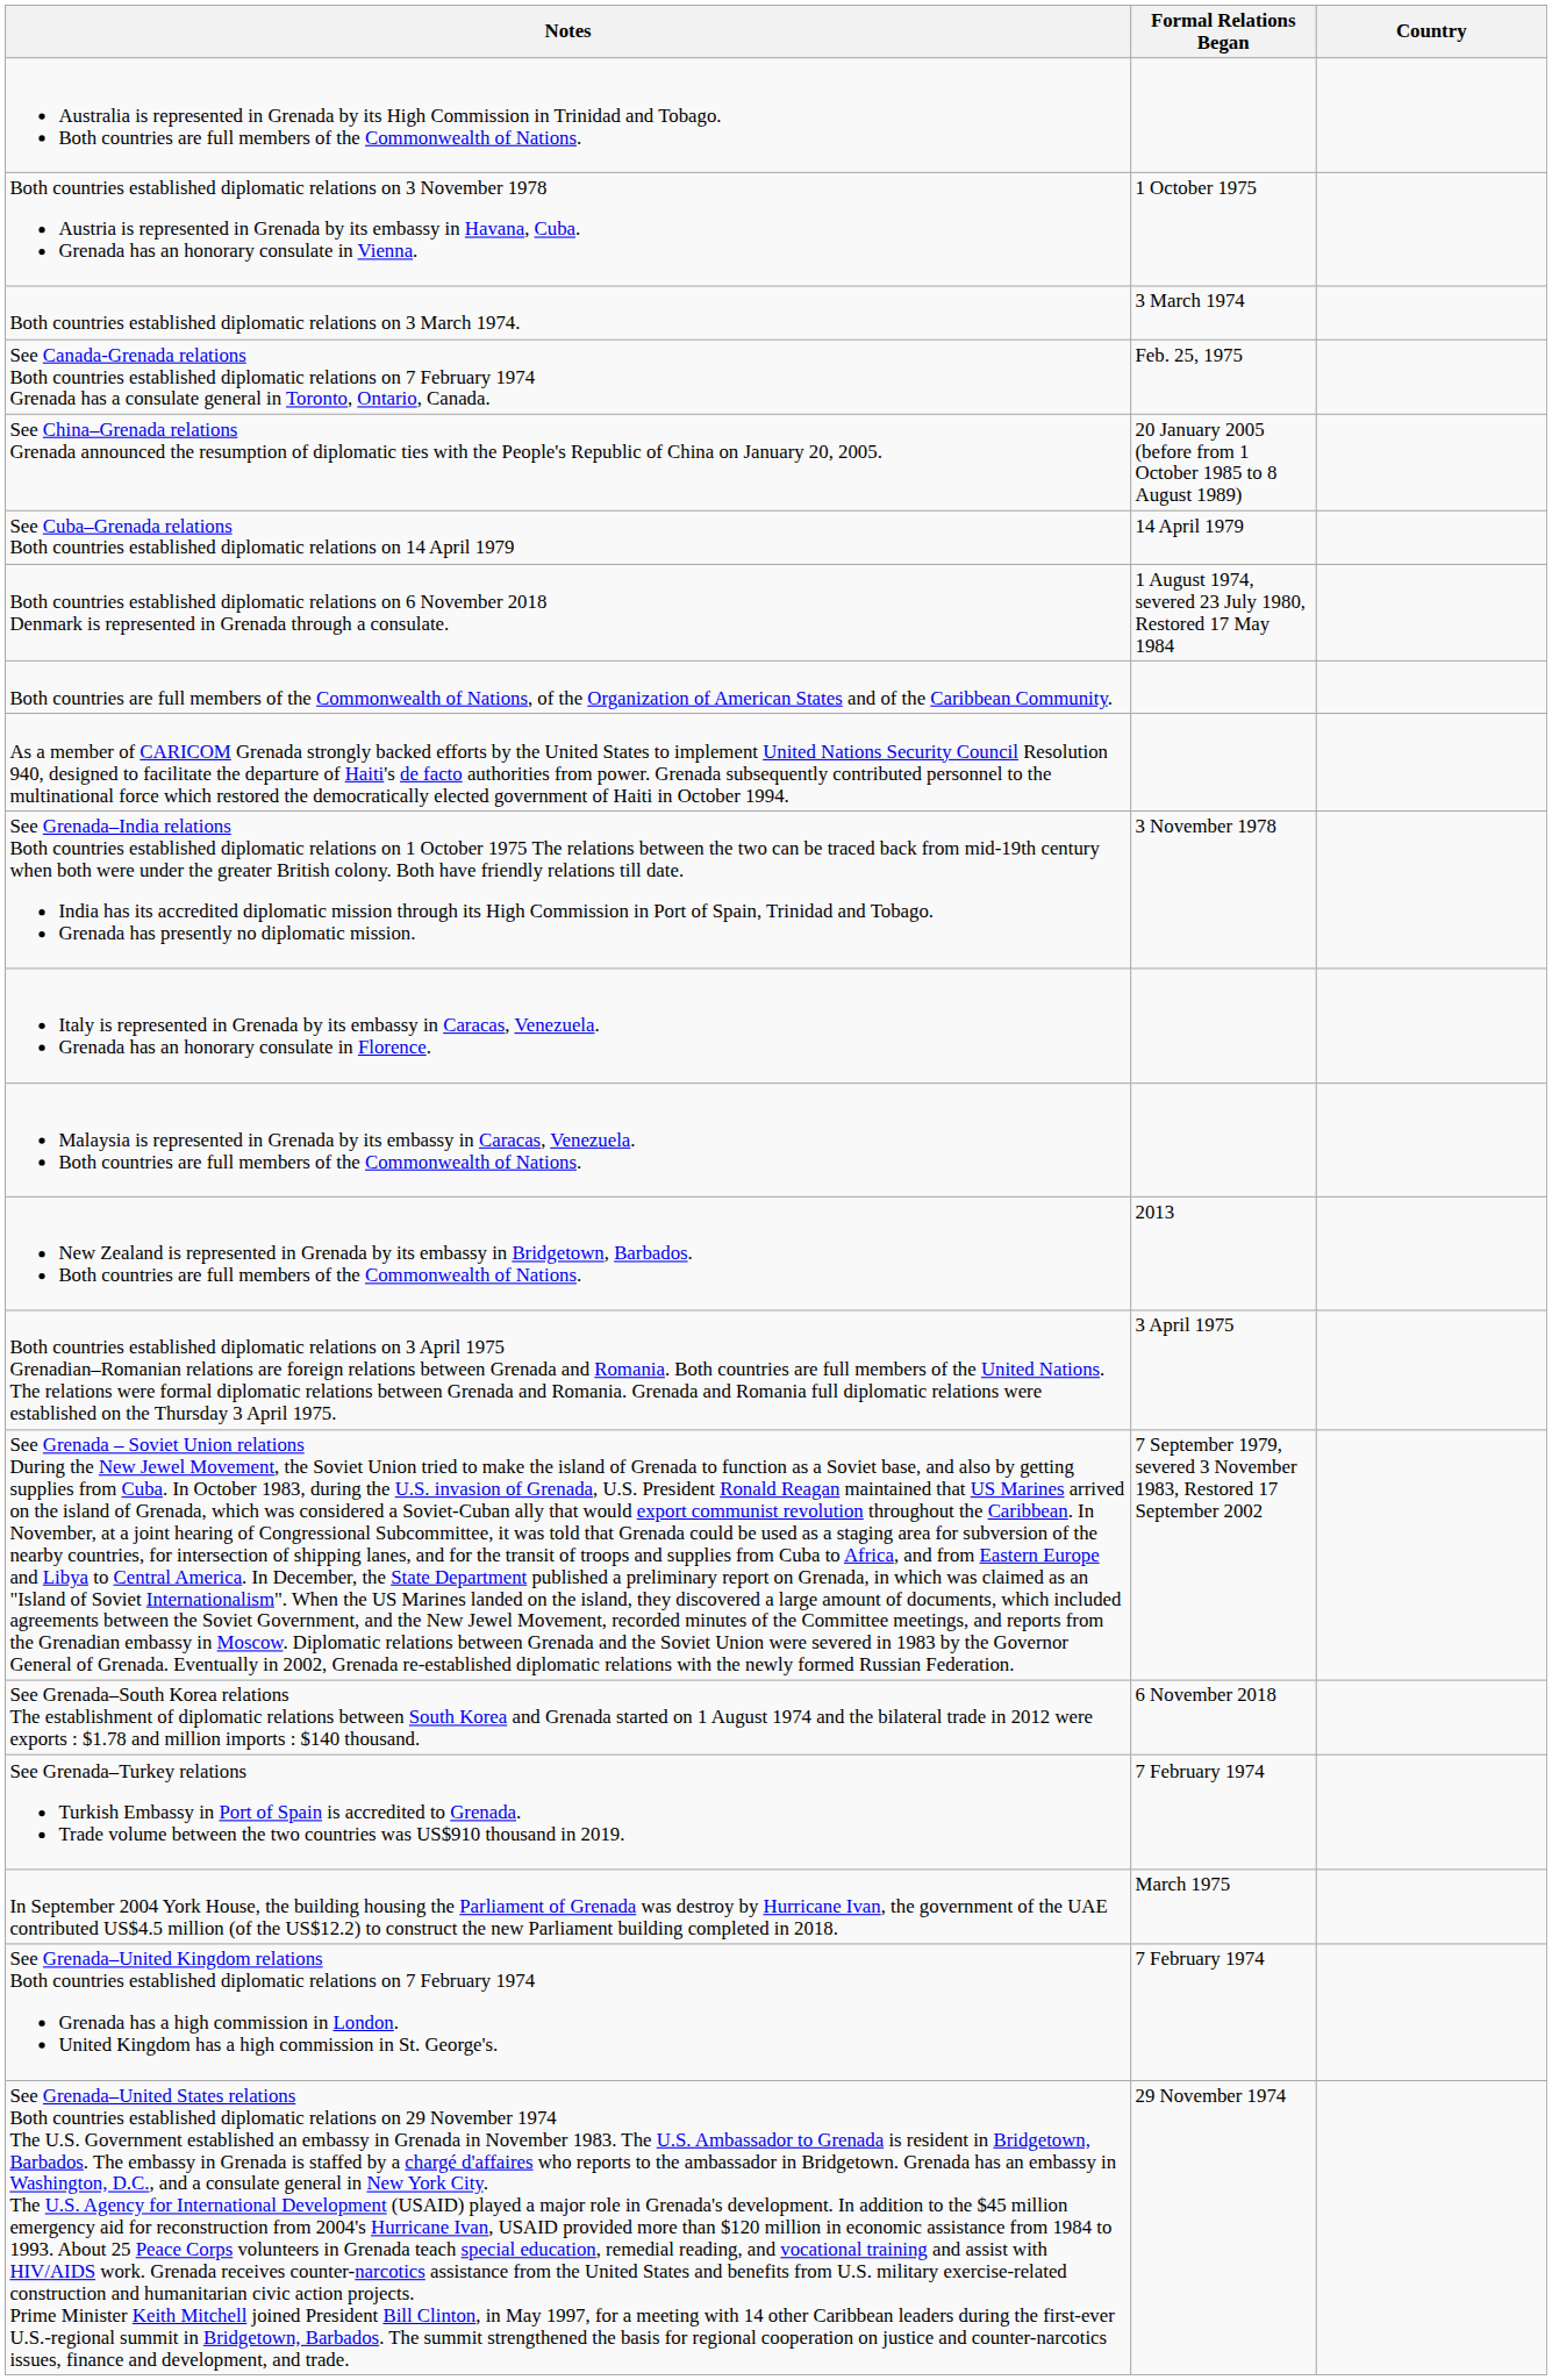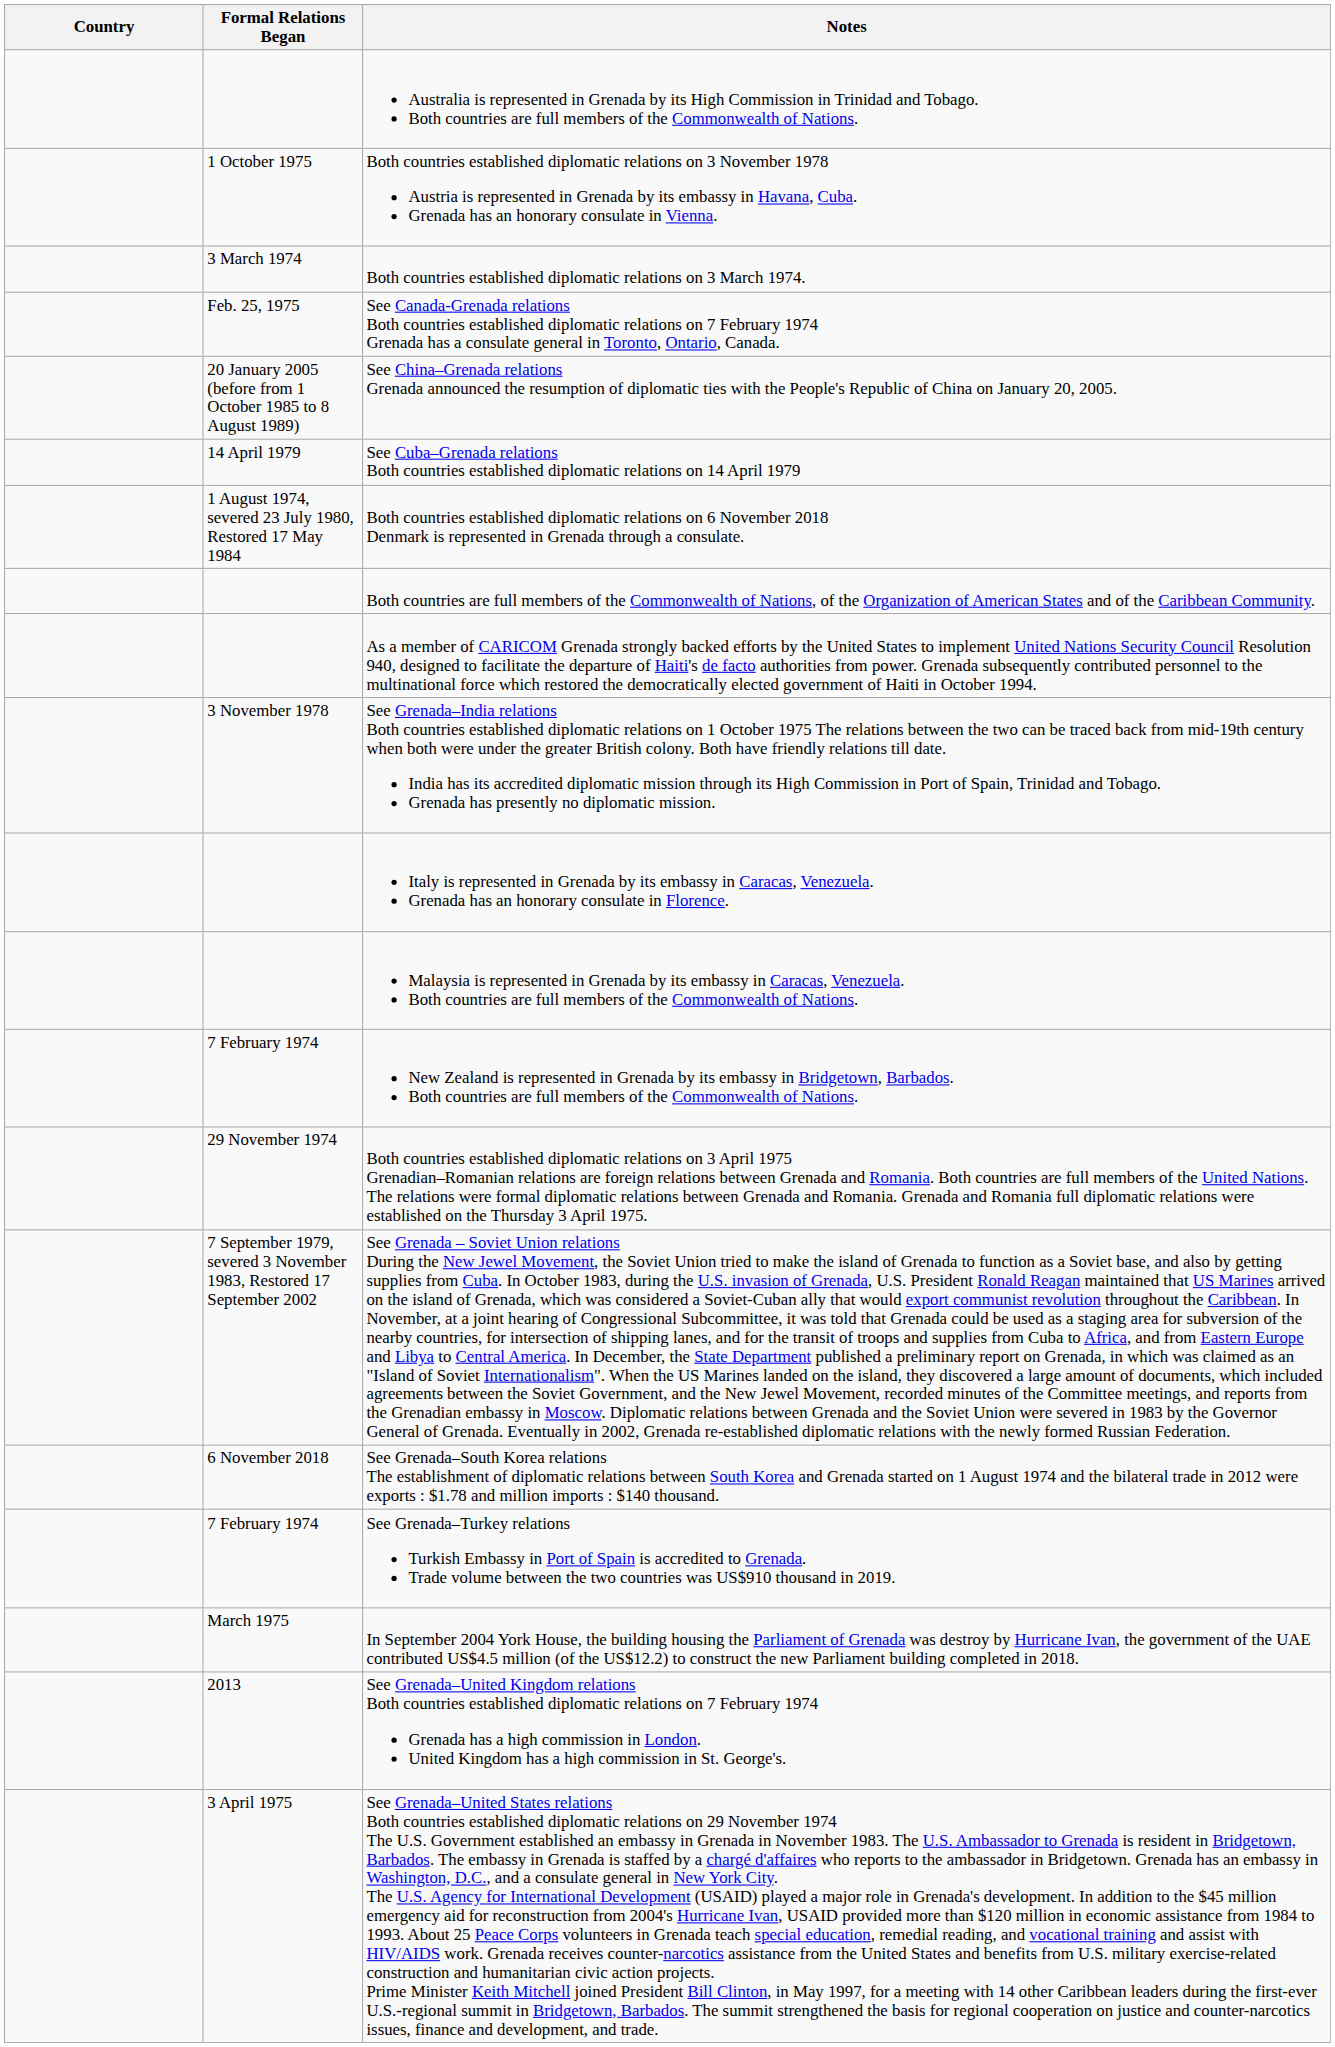 <table class="wikitable sortable" style="width:100%; margin:auto;">
 <tr>
+<th style="width:15%;">Country</th>
+<th style="width:12%;">Formal Relations Began</th>
 <th>Notes</th>
-<th style="width:12%;">Formal Relations Began</th>
-<th style="width:15%;">Country</th>
 </tr>
 <tr valign="top">
-<td><br><ul><li>Australia is represented in Grenada by its High Commission in Trinidad and Tobago.</li><li>Both countries are full members of the <a href='#'>Commonwealth of Nations</a>.</li></ul></td>
 <td></td>
 <td></td>
+<td><br><ul><li>Australia is represented in Grenada by its High Commission in Trinidad and Tobago.</li><li>Both countries are full members of the <a href='#'>Commonwealth of Nations</a>.</li></ul></td>
 </tr>
 <tr valign="top">
+<td></td>
+<td>1 October 1975</td>
 <td>Both countries established diplomatic relations on 3 November 1978<br><ul><li>Austria is represented in Grenada by its embassy in <a href='#'>Havana</a>, <a href='#'>Cuba</a>.</li><li>Grenada has an honorary consulate in <a href='#'>Vienna</a>.</li></ul></td>
-<td>1 October 1975</td>
-<td></td>
 </tr>
 <tr valign="top">
+<td></td>
+<td>3 March 1974</td>
 <td><br>Both countries established diplomatic relations on 3 March 1974.  </td>
-<td>3 March 1974</td>
-<td></td>
 </tr>
 <tr valign="top">
+<td></td>
+<td>Feb. 25, 1975</td>
 <td>See <a href='#'>Canada-Grenada relations</a><br>Both countries established diplomatic relations on 7 February 1974<br>Grenada has a consulate general in <a href='#'>Toronto</a>, <a href='#'>Ontario</a>, Canada.</td>
-<td>Feb. 25, 1975</td>
-<td></td>
 </tr>
 <tr valign="top">
+<td></td>
+<td>20 January 2005 (before from 1 October 1985 to 8 August 1989)</td>
 <td>See <a href='#'>China–Grenada relations</a><br>Grenada announced the resumption of diplomatic ties with the People's Republic of China on January 20, 2005.</td>
-<td>20 January 2005 (before from 1 October 1985 to 8 August 1989)</td>
-<td></td>
 </tr>
 <tr valign="top">
+<td></td>
+<td>14 April 1979</td>
 <td>See <a href='#'>Cuba–Grenada relations</a><br>Both countries established diplomatic relations on 14 April 1979</td>
-<td>14 April 1979</td>
-<td></td>
 </tr>
 <tr valign="top">
+<td></td>
+<td>1 August 1974, severed 23 July 1980, Restored 17 May 1984</td>
 <td><br>Both countries established diplomatic relations on 6 November 2018<br>Denmark is represented in Grenada through a consulate.</td>
-<td>1 August 1974, severed 23 July 1980, Restored 17 May 1984</td>
-<td></td>
 </tr>
 <tr valign="top">
-<td><br>Both countries are full members of the <a href='#'>Commonwealth of Nations</a>, of the <a href='#'>Organization of American States</a> and of the <a href='#'>Caribbean Community</a>.</td>
 <td></td>
 <td></td>
+<td><br>Both countries are full members of the <a href='#'>Commonwealth of Nations</a>, of the <a href='#'>Organization of American States</a> and of the <a href='#'>Caribbean Community</a>.</td>
 </tr>
 <tr valign="top">
-<td><br>As a member of <a href='#'>CARICOM</a> Grenada strongly backed efforts by the United States to implement <a href='#'>United Nations Security Council</a> Resolution 940, designed to facilitate the departure of <a href='#'>Haiti</a>'s <a href='#'>de facto</a> authorities from power. Grenada subsequently contributed personnel to the multinational force which restored the democratically elected government of Haiti in October 1994.</td>
 <td></td>
 <td></td>
+<td><br>As a member of <a href='#'>CARICOM</a> Grenada strongly backed efforts by the United States to implement <a href='#'>United Nations Security Council</a> Resolution 940, designed to facilitate the departure of <a href='#'>Haiti</a>'s <a href='#'>de facto</a> authorities from power. Grenada subsequently contributed personnel to the multinational force which restored the democratically elected government of Haiti in October 1994.</td>
 </tr>
 <tr valign="top">
+<td></td>
+<td>3 November 1978</td>
 <td>See <a href='#'>Grenada–India relations</a><br>Both countries established diplomatic relations on 1 October 1975 The relations between the two can be traced back from mid-19th century when both were under the greater British colony. Both have friendly relations till date.<ul><li>India has its accredited diplomatic mission through its High Commission in Port of Spain, Trinidad and Tobago.</li><li>Grenada has presently no diplomatic mission.</li></ul></td>
-<td>3 November 1978</td>
-<td></td>
 </tr>
 <tr valign="top">
-<td><br><ul><li>Italy is represented in Grenada by its embassy in <a href='#'>Caracas</a>, <a href='#'>Venezuela</a>.</li><li>Grenada has an honorary consulate in <a href='#'>Florence</a>.</li></ul></td>
 <td></td>
 <td></td>
+<td><br><ul><li>Italy is represented in Grenada by its embassy in <a href='#'>Caracas</a>, <a href='#'>Venezuela</a>.</li><li>Grenada has an honorary consulate in <a href='#'>Florence</a>.</li></ul></td>
 </tr>
 <tr valign="top">
-<td><br><ul><li>Malaysia is represented in Grenada by its embassy in <a href='#'>Caracas</a>, <a href='#'>Venezuela</a>.</li><li>Both countries are full members of the <a href='#'>Commonwealth of Nations</a>.</li></ul></td>
 <td></td>
 <td></td>
+<td><br><ul><li>Malaysia is represented in Grenada by its embassy in <a href='#'>Caracas</a>, <a href='#'>Venezuela</a>.</li><li>Both countries are full members of the <a href='#'>Commonwealth of Nations</a>.</li></ul></td>
 </tr>
 <tr valign="top">
+<td></td>
+<td>7 February 1974</td>
 <td><br><ul><li>New Zealand is represented in Grenada by its embassy in <a href='#'>Bridgetown</a>, <a href='#'>Barbados</a>.</li><li>Both countries are full members of the <a href='#'>Commonwealth of Nations</a>.</li></ul></td>
-<td>2013</td>
-<td></td>
 </tr>
 <tr valign="top">
+<td></td>
+<td>29 November 1974</td>
 <td><br>Both countries established diplomatic relations on 3 April 1975<br>Grenadian–Romanian relations are foreign relations between Grenada and <a href='#'>Romania</a>. Both countries are full members of the <a href='#'>United Nations</a>. The relations were formal diplomatic relations between Grenada and Romania. Grenada and Romania full diplomatic relations were established on the Thursday 3 April 1975.</td>
-<td>3 April 1975</td>
-<td></td>
 </tr>
 <tr valign="top">
+<td></td>
+<td>7 September 1979, severed 3 November 1983, Restored 17 September 2002</td>
 <td>See <a href='#'>Grenada – Soviet Union relations</a><br>During the <a href='#'>New Jewel Movement</a>, the Soviet Union tried to make the island of Grenada to function as a Soviet base, and also by getting supplies from <a href='#'>Cuba</a>. In October 1983, during the <a href='#'>U.S. invasion of Grenada</a>, U.S. President <a href='#'>Ronald Reagan</a> maintained that <a href='#'>US Marines</a> arrived on the island of Grenada, which was considered a Soviet-Cuban ally that would <a href='#'>export communist revolution</a> throughout the <a href='#'>Caribbean</a>. In November, at a joint hearing of Congressional Subcommittee, it was told that Grenada could be used as a staging area for subversion of the nearby countries, for intersection of shipping lanes, and for the transit of troops and supplies from Cuba to <a href='#'>Africa</a>, and from <a href='#'>Eastern Europe</a> and <a href='#'>Libya</a> to <a href='#'>Central America</a>. In December, the <a href='#'>State Department</a> published a preliminary report on Grenada, in which was claimed as an "Island of Soviet <a href='#'>Internationalism</a>". When the US Marines landed on the island, they discovered a large amount of documents, which included agreements between the Soviet Government, and the New Jewel Movement, recorded minutes of the Committee meetings, and reports from the Grenadian embassy in <a href='#'>Moscow</a>. Diplomatic relations between Grenada and the Soviet Union were severed in 1983 by the Governor General of Grenada. Eventually in 2002, Grenada re-established diplomatic relations with the newly formed Russian Federation.</td>
-<td>7 September 1979, severed 3 November 1983, Restored 17 September 2002</td>
-<td></td>
 </tr>
 <tr valign="top">
+<td></td>
+<td>6 November 2018</td>
 <td>See Grenada–South Korea relations<br>The establishment of diplomatic relations between <a href='#'>South Korea</a> and Grenada started on 1 August 1974 and the bilateral trade in 2012 were exports : $1.78 and million  imports : $140 thousand.</td>
-<td>6 November 2018</td>
-<td></td>
 </tr>
 <tr valign="top">
+<td></td>
+<td>7 February 1974</td>
 <td>See Grenada–Turkey relations<br><ul><li>Turkish Embassy in <a href='#'>Port of Spain</a> is accredited to <a href='#'>Grenada</a>.</li><li>Trade volume between the two countries was US$910 thousand in 2019.</li></ul></td>
-<td>7 February 1974</td>
-<td></td>
 </tr>
 <tr valign="top">
+<td></td>
+<td>March 1975</td>
 <td><br>In September 2004 York House, the building housing the <a href='#'>Parliament of Grenada</a> was destroy by <a href='#'>Hurricane Ivan</a>, the government of the UAE contributed US$4.5 million (of the US$12.2) to construct the new Parliament building completed in 2018.</td>
-<td>March 1975</td>
-<td></td>
 </tr>
 <tr valign="top">
+<td></td>
+<td>2013</td>
 <td>See <a href='#'>Grenada–United Kingdom relations</a><br>Both countries established diplomatic relations on 7 February 1974<ul><li>Grenada has a high commission in <a href='#'>London</a>.</li><li>United Kingdom has a high commission in St. George's.</li></ul></td>
-<td>7 February 1974</td>
-<td></td>
 </tr>
 <tr valign="top">
+<td></td>
+<td>3 April 1975</td>
 <td>See <a href='#'>Grenada–United States relations</a><br>Both countries established diplomatic relations on 29 November 1974<br>The U.S. Government established an embassy in Grenada in November 1983. The <a href='#'>U.S. Ambassador to Grenada</a> is resident in <a href='#'>Bridgetown, Barbados</a>. The embassy in Grenada is staffed by a <a href='#'>chargé d'affaires</a> who reports to the ambassador in Bridgetown. Grenada has an embassy in <a href='#'>Washington, D.C.</a>, and a consulate general in <a href='#'>New York City</a>.<br>The <a href='#'>U.S. Agency for International Development</a> (USAID) played a major role in Grenada's development. In addition to the $45 million emergency aid for reconstruction from 2004's <a href='#'>Hurricane Ivan</a>, USAID provided more than $120 million in economic assistance from 1984 to 1993. About 25 <a href='#'>Peace Corps</a> volunteers in Grenada teach <a href='#'>special education</a>, remedial reading, and <a href='#'>vocational training</a> and assist with <a href='#'>HIV/AIDS</a> work. Grenada receives counter-<a href='#'>narcotics</a> assistance from the United States and benefits from U.S. military exercise-related construction and humanitarian civic action projects.<br>Prime Minister <a href='#'>Keith Mitchell</a> joined President <a href='#'>Bill Clinton</a>, in May 1997, for a meeting with 14 other Caribbean leaders during the first-ever U.S.-regional summit in <a href='#'>Bridgetown, Barbados</a>. The summit strengthened the basis for regional cooperation on justice and counter-narcotics issues, finance and development, and trade.<br></td>
-<td>29 November 1974</td>
-<td></td>
 </tr>
 </table>
